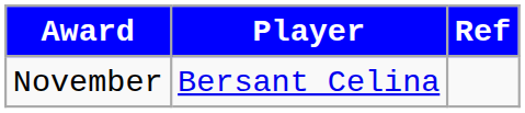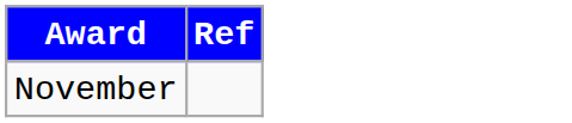 <table class="wikitable" style="text-align:center">
 <tr>
 <th style="background:blue; color:white; width=0%">Award</th>
-<th style="background:blue; color:white; width=0%">Player</th>
 <th style="background:blue; color:white; width=0%">Ref</th>
 </tr>
 <tr>
 <td>November</td>
-<td> <a href='#'>Bersant Celina</a></td>
 <td></td>
 </tr>
 </table>
